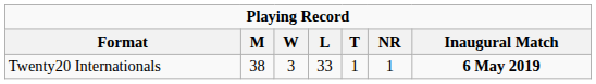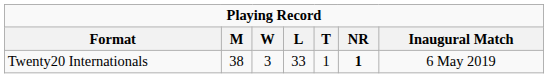 <table class="wikitable" style="text-align: center; width: 600px;">
 <tr>
 <td colspan=7 align="center"><strong>Playing Record</strong></td>
 </tr>
 <tr>
 <th>Format</th>
 <th>M</th>
 <th>W</th>
 <th>L</th>
 <th>T</th>
 <th>NR</th>
 <th>Inaugural Match</th>
 </tr>
 <tr>
 <td align="left">Twenty20 Internationals</td>
 <td>38</td>
 <td>3</td>
 <td>33</td>
 <td>1</td>
-<td>1</td>
-<td><strong>6 May 2019</strong></td>
+<td><strong>1</strong></td>
+<td>6 May 2019</td>
 </tr>
 </table>
